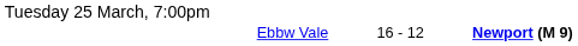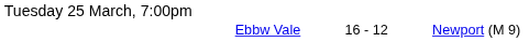 <table style="width:70%;" cellspacing="1">
 <tr>
 <th width=35%></th>
 <th width=15%></th>
 <th></th>
 </tr>
 <tr>
 <td>Tuesday 25 March, 7:00pm</td>
 </tr>
 <tr style=font-size:90%>
 <td align=right><a href='#'>Ebbw Vale</a></td>
 <td align=center>16 - 12</td>
-<td><strong><a href='#'>Newport</a> (M 9)</strong></td>
+<td><a href='#'>Newport</a> (M 9)</td>
 </tr>
 </table>
